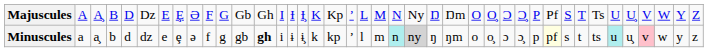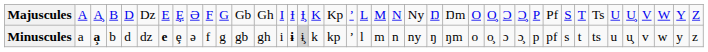 <table class="wikitable">
 <tr>
 <th>Majuscules</th>
 <td><a href='#'>A</a></td>
 <td><a href='#'>A̧</a></td>
 <td><a href='#'>B</a></td>
 <td><a href='#'>D</a></td>
 <td>Dz</td>
 <td><a href='#'>E</a></td>
 <td><a href='#'>Ȩ</a></td>
 <td><a href='#'>Ə</a></td>
 <td><a href='#'>F</a></td>
 <td><a href='#'>G</a></td>
 <td>Gb</td>
 <td>Gh</td>
 <td><a href='#'>I</a></td>
 <td><a href='#'>Ɨ</a></td>
 <td><a href='#'>Ɨ̧</a></td>
 <td><a href='#'>K</a></td>
 <td>Kp</td>
 <td><a href='#'>’</a></td>
 <td><a href='#'>L</a></td>
 <td><a href='#'>M</a></td>
 <td><a href='#'>N</a></td>
 <td>Ny</td>
 <td><a href='#'>Ŋ</a></td>
 <td>Ŋm</td>
 <td><a href='#'>O</a></td>
 <td><a href='#'>O̧</a></td>
 <td><a href='#'>Ɔ</a></td>
 <td><a href='#'>Ɔ̧</a></td>
 <td><a href='#'>P</a></td>
 <td>Pf</td>
 <td><a href='#'>S</a></td>
 <td><a href='#'>T</a></td>
 <td>Ts</td>
 <td><a href='#'>U</a></td>
 <td><a href='#'>U̧</a></td>
 <td><a href='#'>V</a></td>
 <td><a href='#'>W</a></td>
 <td><a href='#'>Y</a></td>
 <td><a href='#'>Z</a></td>
 </tr>
 <tr>
 <th>Minuscules</th>
 <td>a</td>
-<td>a̧</td>
+<td><strong>a̧</strong></td>
 <td>b</td>
 <td>d</td>
 <td>dz</td>
-<td>e</td>
+<td><strong>e</strong></td>
 <td>ȩ</td>
 <td>ə</td>
 <td>f</td>
 <td>g</td>
 <td>gb</td>
-<td><strong>gh</strong></td>
+<td>gh</td>
 <td>i</td>
-<td>ɨ</td>
-<td>ɨ̧</td>
+<td><strong>ɨ</strong></td>
+<td style="background: lightgrey;">ɨ̧</td>
 <td>k</td>
 <td>kp</td>
 <td>’</td>
 <td>l</td>
 <td>m</td>
-<td style="background: paleturquoise;">n</td>
-<td style="background: lightgrey;">ny</td>
+<td>n</td>
+<td>ny</td>
 <td>ŋ</td>
 <td>ŋm</td>
 <td>o</td>
 <td>o̧</td>
 <td>ɔ</td>
 <td>ɔ̧</td>
 <td>p</td>
-<td style="background: lightyellow;">pf</td>
+<td>pf</td>
 <td>s</td>
 <td>t</td>
 <td>ts</td>
-<td style="background: paleturquoise;">u</td>
+<td>u</td>
 <td>u̧</td>
-<td style="background: pink;">v</td>
+<td>v</td>
 <td>w</td>
 <td>y</td>
 <td>z</td>
 </tr>
 </table>
